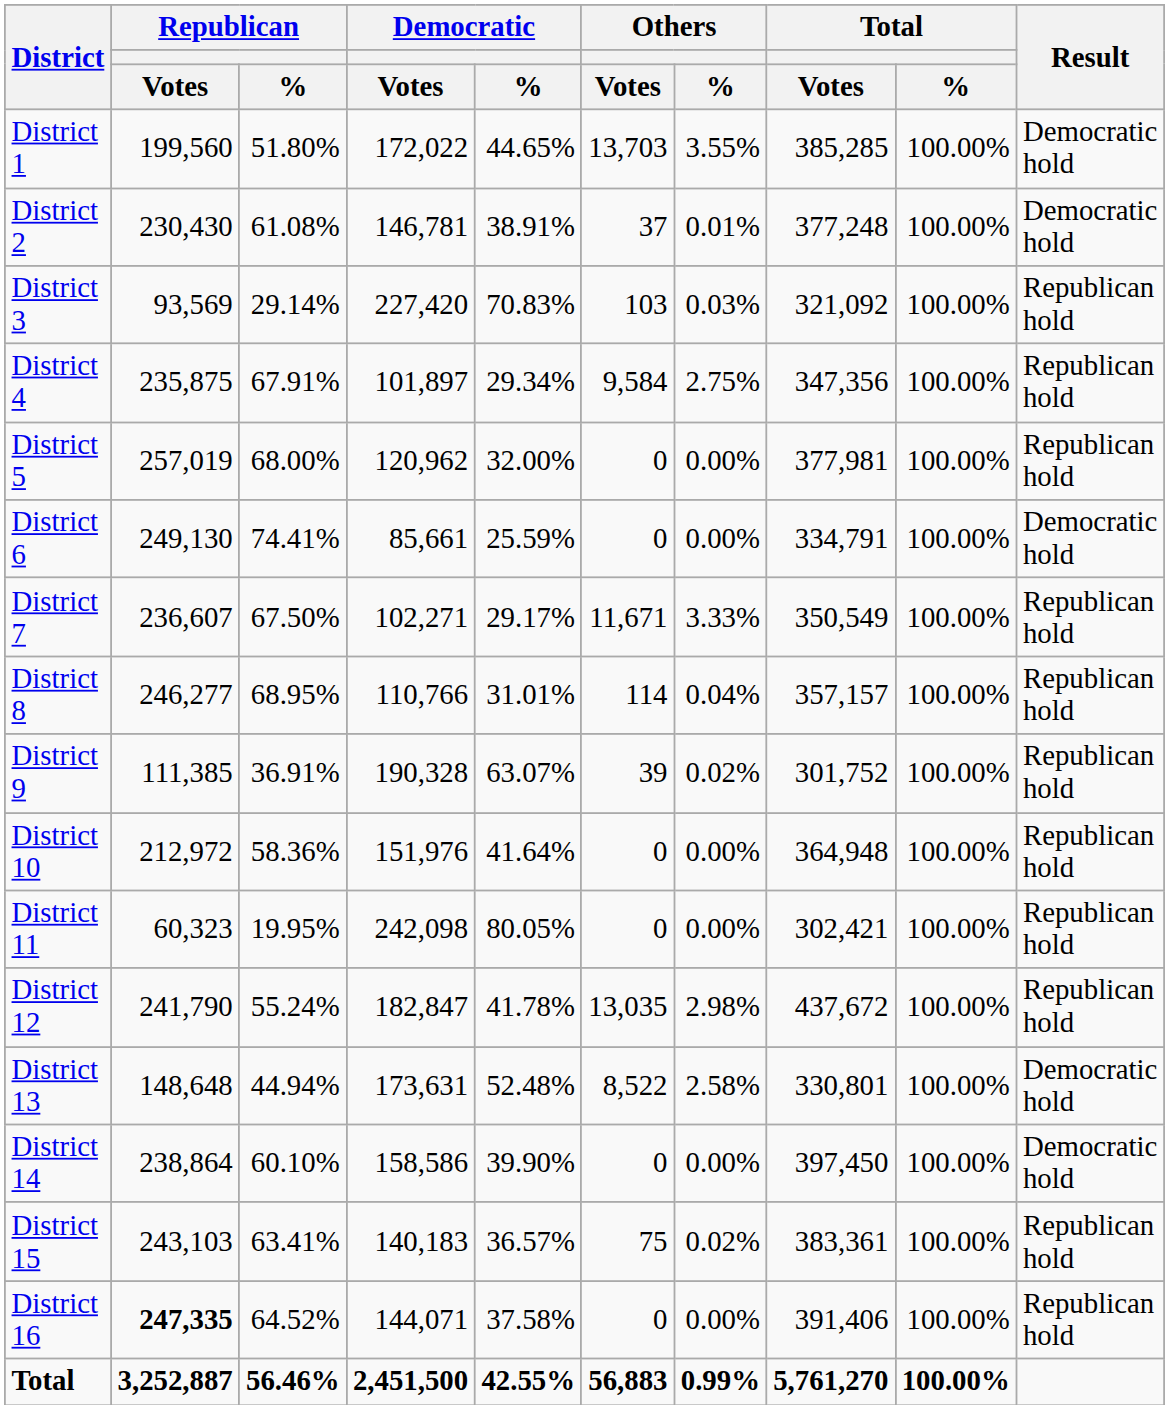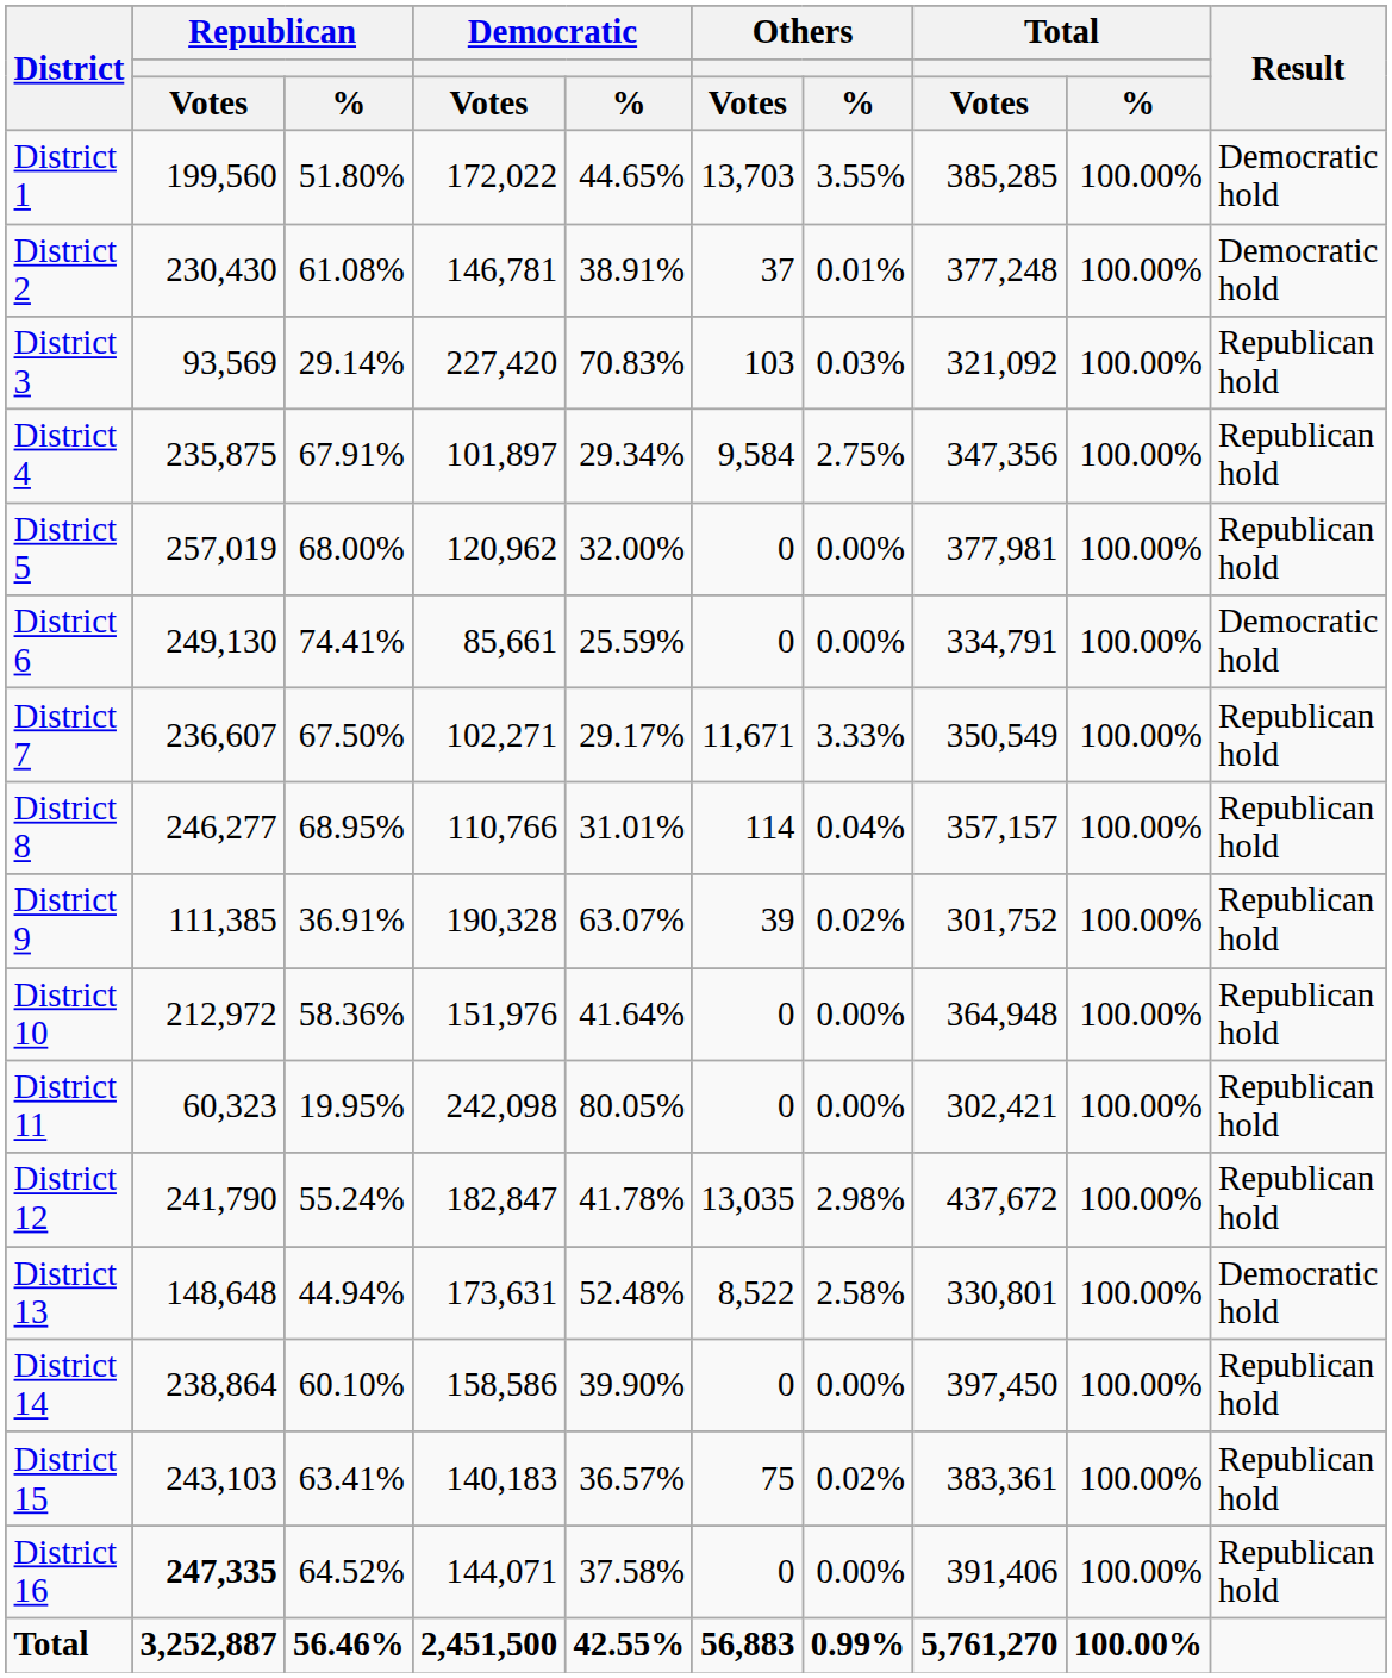 <table class="wikitable plainrowheaders sortable" style="font-size:100%; text-align:right;">
 <tr>
 <th scope=col rowspan=3><a href='#'>District</a></th>
 <th scope=col colspan=2><a href='#'>Republican</a></th>
 <th scope=col colspan=2><a href='#'>Democratic</a></th>
 <th scope=col colspan=2>Others</th>
 <th scope=col colspan=2>Total</th>
 <th scope=col rowspan=3>Result</th>
 </tr>
 <tr>
 <th scope=col colspan=2 style="background:"></th>
 <th scope=col colspan=2 style="background:"></th>
 <th scope=col colspan=2></th>
 <th scope=col colspan=2></th>
 </tr>
 <tr>
 <th scope=col data-sort-type="number">Votes</th>
 <th scope=col data-sort-type="number">%</th>
 <th scope=col data-sort-type="number">Votes</th>
 <th scope=col data-sort-type="number">%</th>
 <th scope=col data-sort-type="number">Votes</th>
 <th scope=col data-sort-type="number">%</th>
 <th scope=col data-sort-type="number">Votes</th>
 <th scope=col data-sort-type="number">%</th>
 </tr>
 <tr>
 <td align=left><a href='#'>District 1</a></td>
 <td>199,560</td>
 <td>51.80%</td>
 <td>172,022</td>
 <td>44.65%</td>
 <td>13,703</td>
 <td>3.55%</td>
 <td>385,285</td>
 <td>100.00%</td>
 <td align=left>Democratic hold</td>
 </tr>
 <tr>
 <td align=left><a href='#'>District 2</a></td>
 <td>230,430</td>
 <td>61.08%</td>
 <td>146,781</td>
 <td>38.91%</td>
 <td>37</td>
 <td>0.01%</td>
 <td>377,248</td>
 <td>100.00%</td>
 <td align=left>Democratic hold</td>
 </tr>
 <tr>
 <td align=left><a href='#'>District 3</a></td>
 <td>93,569</td>
 <td>29.14%</td>
 <td>227,420</td>
 <td>70.83%</td>
 <td>103</td>
 <td>0.03%</td>
 <td>321,092</td>
 <td>100.00%</td>
 <td align=left>Republican hold</td>
 </tr>
 <tr>
 <td align=left><a href='#'>District 4</a></td>
 <td>235,875</td>
 <td>67.91%</td>
 <td>101,897</td>
 <td>29.34%</td>
 <td>9,584</td>
 <td>2.75%</td>
 <td>347,356</td>
 <td>100.00%</td>
 <td align=left>Republican hold</td>
 </tr>
 <tr>
 <td align=left><a href='#'>District 5</a></td>
 <td>257,019</td>
 <td>68.00%</td>
 <td>120,962</td>
 <td>32.00%</td>
 <td>0</td>
 <td>0.00%</td>
 <td>377,981</td>
 <td>100.00%</td>
 <td align=left>Republican hold</td>
 </tr>
 <tr>
 <td align=left><a href='#'>District 6</a></td>
 <td>249,130</td>
 <td>74.41%</td>
 <td>85,661</td>
 <td>25.59%</td>
 <td>0</td>
 <td>0.00%</td>
 <td>334,791</td>
 <td>100.00%</td>
 <td align=left>Democratic hold</td>
 </tr>
 <tr>
 <td align=left><a href='#'>District 7</a></td>
 <td>236,607</td>
 <td>67.50%</td>
 <td>102,271</td>
 <td>29.17%</td>
 <td>11,671</td>
 <td>3.33%</td>
 <td>350,549</td>
 <td>100.00%</td>
 <td align=left>Republican hold</td>
 </tr>
 <tr>
 <td align=left><a href='#'>District 8</a></td>
 <td>246,277</td>
 <td>68.95%</td>
 <td>110,766</td>
 <td>31.01%</td>
 <td>114</td>
 <td>0.04%</td>
 <td>357,157</td>
 <td>100.00%</td>
 <td align=left>Republican hold</td>
 </tr>
 <tr>
 <td align=left><a href='#'>District 9</a></td>
 <td>111,385</td>
 <td>36.91%</td>
 <td>190,328</td>
 <td>63.07%</td>
 <td>39</td>
 <td>0.02%</td>
 <td>301,752</td>
 <td>100.00%</td>
 <td align=left>Republican hold</td>
 </tr>
 <tr>
 <td align=left><a href='#'>District 10</a></td>
 <td>212,972</td>
 <td>58.36%</td>
 <td>151,976</td>
 <td>41.64%</td>
 <td>0</td>
 <td>0.00%</td>
 <td>364,948</td>
 <td>100.00%</td>
 <td align=left>Republican hold</td>
 </tr>
 <tr>
 <td align=left><a href='#'>District 11</a></td>
 <td>60,323</td>
 <td>19.95%</td>
 <td>242,098</td>
 <td>80.05%</td>
 <td>0</td>
 <td>0.00%</td>
 <td>302,421</td>
 <td>100.00%</td>
 <td align=left>Republican hold</td>
 </tr>
 <tr>
 <td align=left><a href='#'>District 12</a></td>
 <td>241,790</td>
 <td>55.24%</td>
 <td>182,847</td>
 <td>41.78%</td>
 <td>13,035</td>
 <td>2.98%</td>
 <td>437,672</td>
 <td>100.00%</td>
 <td align=left>Republican hold</td>
 </tr>
 <tr>
 <td align=left><a href='#'>District 13</a></td>
 <td>148,648</td>
 <td>44.94%</td>
 <td>173,631</td>
 <td>52.48%</td>
 <td>8,522</td>
 <td>2.58%</td>
 <td>330,801</td>
 <td>100.00%</td>
 <td align=left>Democratic hold</td>
 </tr>
 <tr>
 <td align=left><a href='#'>District 14</a></td>
 <td>238,864</td>
 <td>60.10%</td>
 <td>158,586</td>
 <td>39.90%</td>
 <td>0</td>
 <td>0.00%</td>
 <td>397,450</td>
 <td>100.00%</td>
-<td align=left>Democratic hold</td>
+<td align=left>Republican hold</td>
 </tr>
 <tr>
 <td align=left><a href='#'>District 15</a></td>
 <td>243,103</td>
 <td>63.41%</td>
 <td>140,183</td>
 <td>36.57%</td>
 <td>75</td>
 <td>0.02%</td>
 <td>383,361</td>
 <td>100.00%</td>
 <td align=left>Republican hold</td>
 </tr>
 <tr>
 <td align=left><a href='#'>District 16</a></td>
 <td><strong>247,335</strong></td>
 <td>64.52%</td>
 <td>144,071</td>
 <td>37.58%</td>
 <td>0</td>
 <td>0.00%</td>
 <td>391,406</td>
 <td>100.00%</td>
 <td align=left>Republican hold</td>
 </tr>
 <tr class="sortbottom" style="font-weight:bold">
 <td align=left>Total</td>
 <td>3,252,887</td>
 <td>56.46%</td>
 <td>2,451,500</td>
 <td>42.55%</td>
 <td>56,883</td>
 <td>0.99%</td>
 <td>5,761,270</td>
 <td>100.00%</td>
 <td></td>
 </tr>
 </table>
